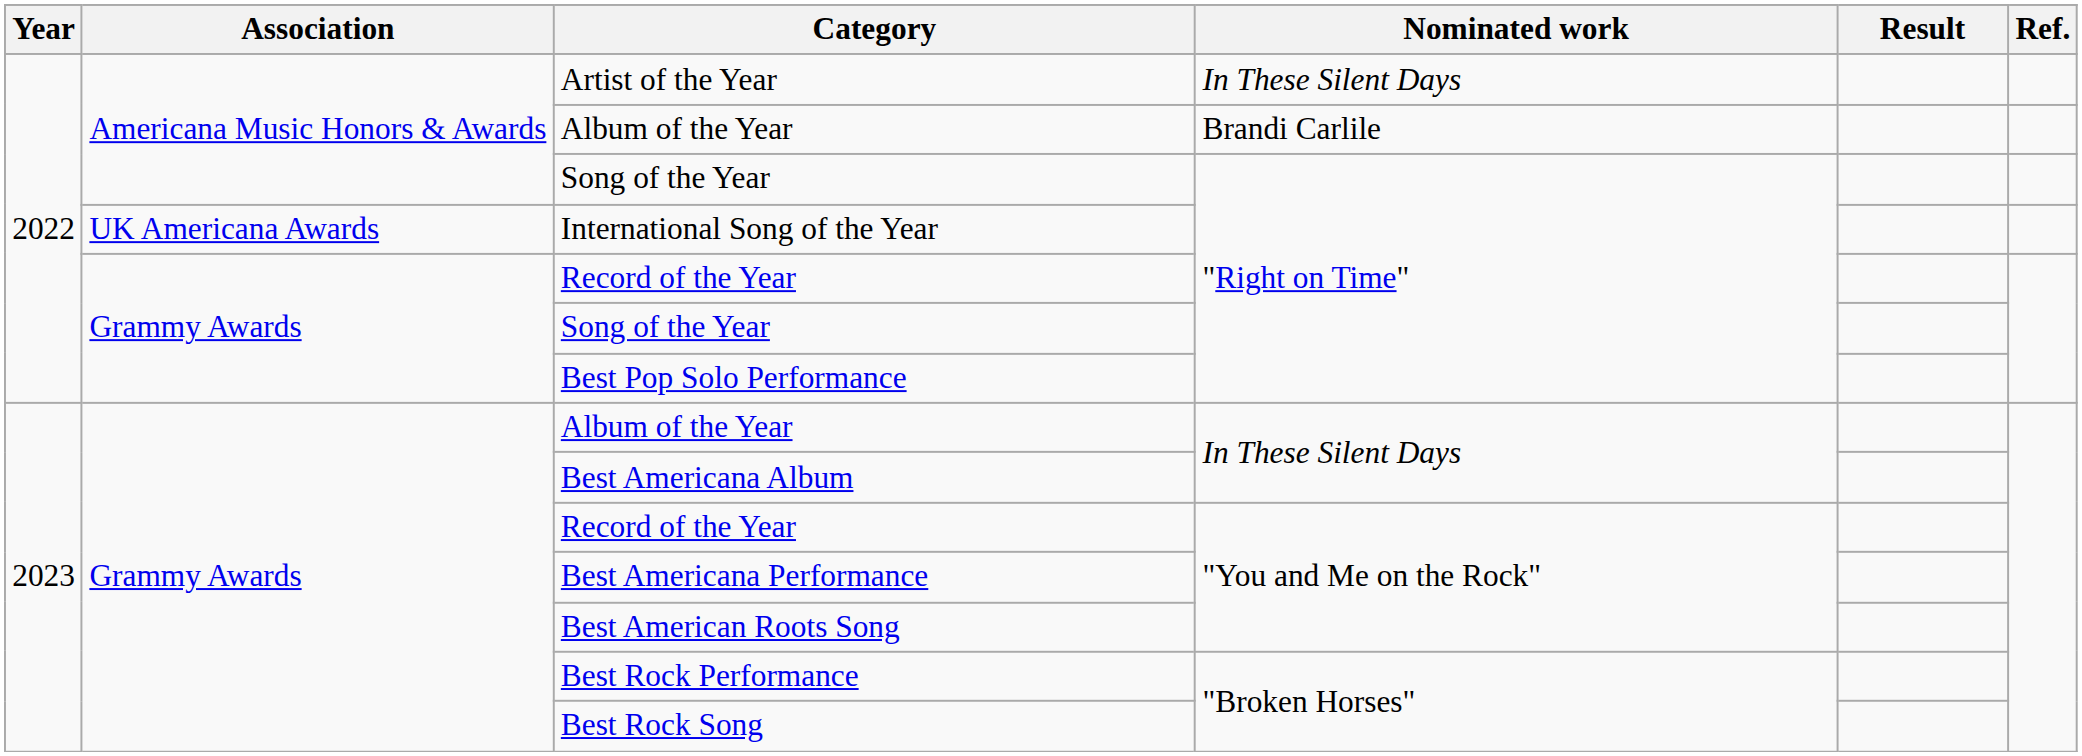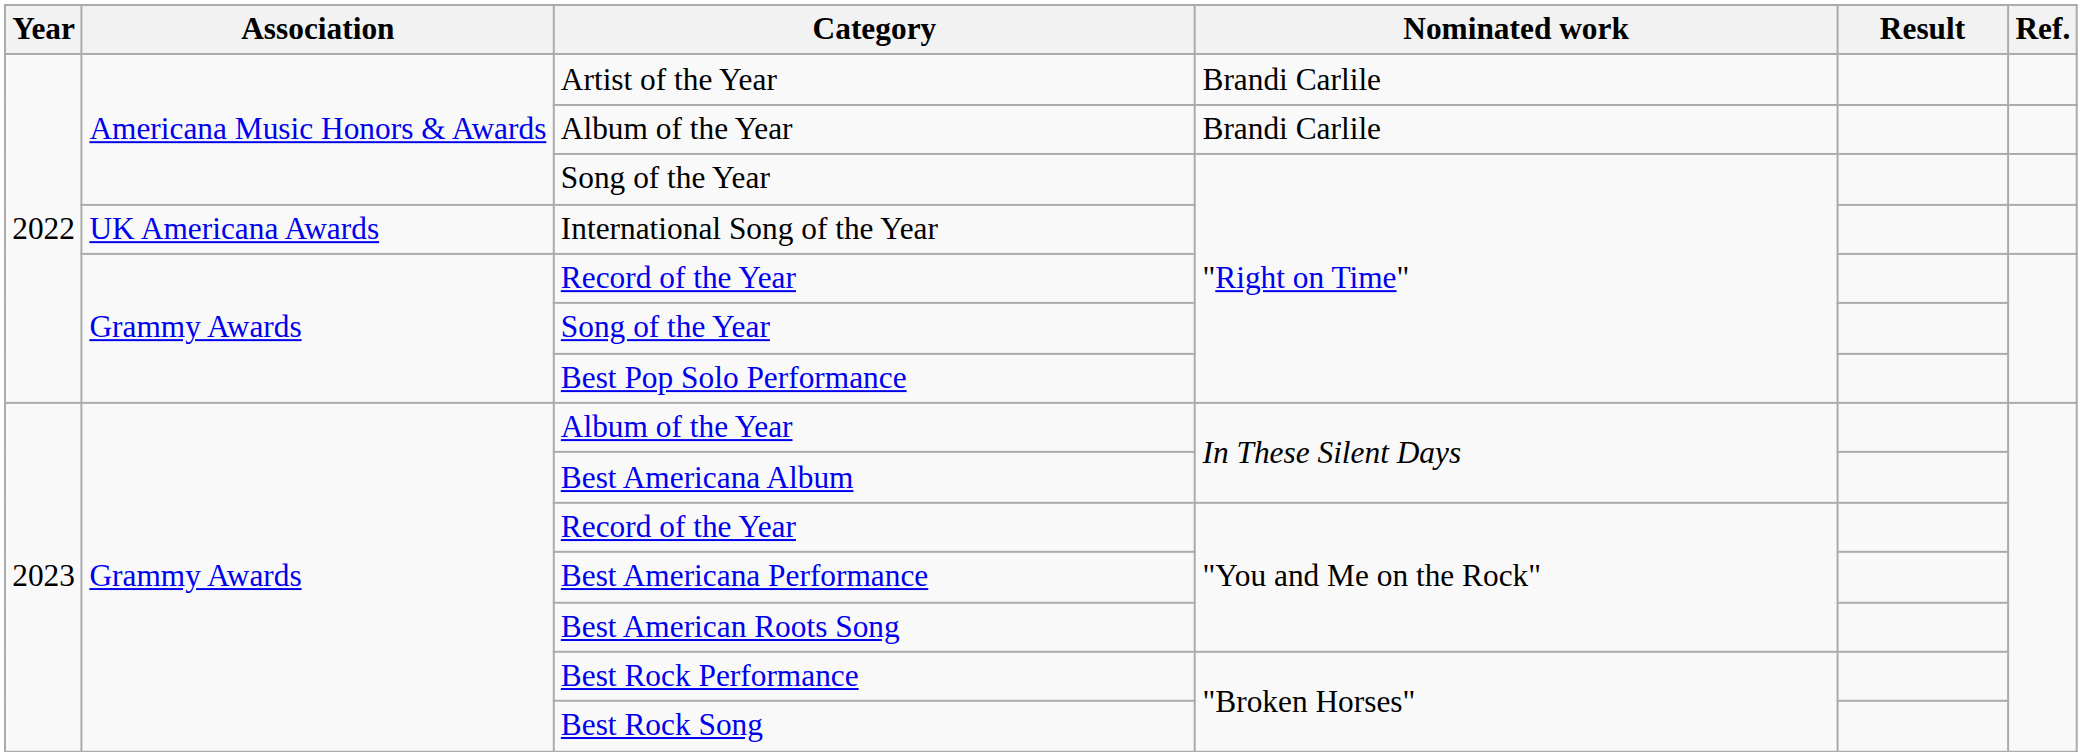 <table class="wikitable">
 <tr>
 <th scope="col" style="width:1em;">Year</th>
 <th>Association</th>
 <th scope="col" style="width:20em;">Category</th>
 <th scope="col" style="width:20em;">Nominated work</th>
 <th scope="col" style="width:5em;">Result</th>
 <th scope="col" style="width:1em;">Ref.</th>
 </tr>
 <tr>
 <td rowspan="7">2022</td>
 <td rowspan="3"><a href='#'>Americana Music Honors & Awards</a></td>
 <td>Artist of the Year</td>
-<td><em>In These Silent Days</em></td>
+<td>Brandi Carlile</td>
 <td></td>
 <td></td>
 </tr>
 <tr>
 <td>Album of the Year</td>
 <td>Brandi Carlile</td>
 <td></td>
 <td></td>
 </tr>
 <tr>
 <td>Song of the Year</td>
 <td rowspan="5">"<a href='#'>Right on Time</a>"</td>
 <td></td>
 <td></td>
 </tr>
 <tr>
 <td><a href='#'>UK Americana Awards</a></td>
 <td>International Song of the Year</td>
 <td></td>
 <td></td>
 </tr>
 <tr>
 <td rowspan="3"><a href='#'>Grammy Awards</a></td>
 <td><a href='#'>Record of the Year</a></td>
 <td></td>
 <td rowspan="3" align="center"></td>
 </tr>
 <tr>
 <td><a href='#'>Song of the Year</a></td>
 <td></td>
 </tr>
 <tr>
 <td><a href='#'>Best Pop Solo Performance</a></td>
 <td></td>
 </tr>
 <tr>
 <td rowspan=7>2023</td>
 <td rowspan="7"><a href='#'>Grammy Awards</a></td>
 <td><a href='#'>Album of the Year</a></td>
 <td rowspan="2"><em>In These Silent Days</em></td>
 <td></td>
 <td rowspan="7" align="center"></td>
 </tr>
 <tr>
 <td><a href='#'>Best Americana Album</a></td>
 <td></td>
 </tr>
 <tr>
 <td><a href='#'>Record of the Year</a></td>
 <td rowspan="3">"You and Me on the Rock"</td>
 <td></td>
 </tr>
 <tr>
 <td><a href='#'>Best Americana Performance</a></td>
 <td></td>
 </tr>
 <tr>
 <td><a href='#'>Best American Roots Song</a></td>
 <td></td>
 </tr>
 <tr>
 <td><a href='#'>Best Rock Performance</a></td>
 <td rowspan="2">"Broken Horses"</td>
 <td></td>
 </tr>
 <tr>
 <td><a href='#'>Best Rock Song</a></td>
 <td></td>
 </tr>
 </table>
